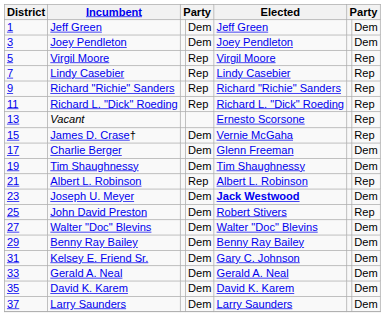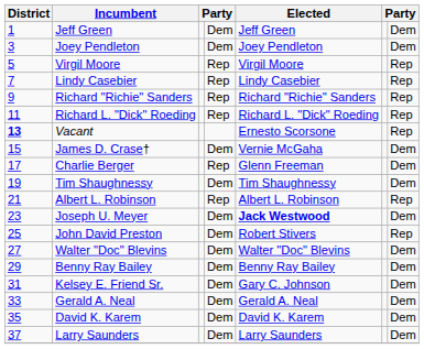 <table class="sortable wikitable" style="font-size:95%;line-height:14px;">
 <tr>
 <th class="unsortable">District</th>
 <th class="unsortable"><a href='#'>Incumbent</a></th>
 <th colspan="2">Party</th>
 <th class="unsortable">Elected</th>
 <th colspan="2">Party</th>
 </tr>
 <tr>
 <td><a href='#'>1</a></td>
 <td><a href='#'>Jeff Green</a></td>
 <td style="background:"></td>
 <td>Dem</td>
 <td><a href='#'>Jeff Green</a></td>
 <td style="background:"></td>
 <td>Dem</td>
 </tr>
 <tr>
 <td><a href='#'>3</a></td>
 <td><a href='#'>Joey Pendleton</a></td>
 <td style="background:"></td>
 <td>Dem</td>
 <td><a href='#'>Joey Pendleton</a></td>
 <td style="background:"></td>
 <td>Dem</td>
 </tr>
 <tr>
 <td><a href='#'>5</a></td>
 <td><a href='#'>Virgil Moore</a></td>
 <td style="background:"></td>
 <td>Rep</td>
 <td><a href='#'>Virgil Moore</a></td>
 <td style="background:"></td>
 <td>Rep</td>
 </tr>
 <tr>
 <td><a href='#'>7</a></td>
 <td><a href='#'>Lindy Casebier</a></td>
 <td style="background:"></td>
 <td>Rep</td>
 <td><a href='#'>Lindy Casebier</a></td>
 <td style="background:"></td>
 <td>Rep</td>
 </tr>
 <tr>
 <td><a href='#'>9</a></td>
 <td><a href='#'>Richard "Richie" Sanders</a></td>
 <td style="background:"></td>
 <td>Rep</td>
 <td><a href='#'>Richard "Richie" Sanders</a></td>
 <td style="background:"></td>
 <td>Rep</td>
 </tr>
 <tr>
 <td><a href='#'>11</a></td>
 <td><a href='#'>Richard L. "Dick" Roeding</a></td>
 <td style="background:"></td>
 <td>Rep</td>
 <td><a href='#'>Richard L. "Dick" Roeding</a></td>
 <td style="background:"></td>
 <td>Rep</td>
 </tr>
 <tr>
-<td><a href='#'>13</a></td>
+<td><strong><a href='#'>13</a></strong></td>
 <td><em>Vacant</em></td>
 <td></td>
 <td></td>
 <td><a href='#'>Ernesto Scorsone</a></td>
 <td style="background:"></td>
 <td>Rep</td>
 </tr>
 <tr>
 <td><a href='#'>15</a></td>
 <td><a href='#'>James D. Crase</a>†</td>
 <td style="background:"></td>
 <td>Dem</td>
 <td><a href='#'>Vernie McGaha</a></td>
 <td style="background:"></td>
-<td>Rep</td>
+<td>Dem</td>
 </tr>
 <tr>
 <td><a href='#'>17</a></td>
 <td><a href='#'>Charlie Berger</a></td>
 <td style="background:"></td>
-<td>Dem</td>
+<td>Rep</td>
 <td><a href='#'>Glenn Freeman</a></td>
 <td style="background:"></td>
 <td>Dem</td>
 </tr>
 <tr>
 <td><a href='#'>19</a></td>
 <td><a href='#'>Tim Shaughnessy</a></td>
 <td style="background:"></td>
 <td>Dem</td>
 <td><a href='#'>Tim Shaughnessy</a></td>
 <td style="background:"></td>
 <td>Dem</td>
 </tr>
 <tr>
 <td><a href='#'>21</a></td>
 <td><a href='#'>Albert L. Robinson</a></td>
 <td style="background:"></td>
 <td>Rep</td>
 <td><a href='#'>Albert L. Robinson</a></td>
 <td style="background:"></td>
 <td>Rep</td>
 </tr>
 <tr>
 <td><a href='#'>23</a></td>
 <td><a href='#'>Joseph U. Meyer</a></td>
 <td style="background:"></td>
 <td>Dem</td>
 <td><strong><a href='#'>Jack Westwood</a></strong></td>
 <td style="background:"></td>
 <td>Dem</td>
 </tr>
 <tr>
 <td><a href='#'>25</a></td>
 <td><a href='#'>John David Preston</a></td>
 <td style="background:"></td>
 <td>Dem</td>
 <td><a href='#'>Robert Stivers</a></td>
 <td style="background:"></td>
 <td>Rep</td>
 </tr>
 <tr>
 <td><a href='#'>27</a></td>
 <td><a href='#'>Walter "Doc" Blevins</a></td>
 <td style="background:"></td>
 <td>Dem</td>
 <td><a href='#'>Walter "Doc" Blevins</a></td>
 <td style="background:"></td>
 <td>Dem</td>
 </tr>
 <tr>
 <td><a href='#'>29</a></td>
 <td><a href='#'>Benny Ray Bailey</a></td>
 <td style="background:"></td>
 <td>Dem</td>
 <td><a href='#'>Benny Ray Bailey</a></td>
 <td style="background:"></td>
 <td>Dem</td>
 </tr>
 <tr>
 <td><a href='#'>31</a></td>
 <td><a href='#'>Kelsey E. Friend Sr.</a></td>
 <td style="background:"></td>
 <td>Dem</td>
 <td><a href='#'>Gary C. Johnson</a></td>
 <td style="background:"></td>
 <td>Dem</td>
 </tr>
 <tr>
 <td><a href='#'>33</a></td>
 <td><a href='#'>Gerald A. Neal</a></td>
 <td style="background:"></td>
 <td>Dem</td>
 <td><a href='#'>Gerald A. Neal</a></td>
 <td style="background:"></td>
 <td>Dem</td>
 </tr>
 <tr>
 <td><a href='#'>35</a></td>
 <td><a href='#'>David K. Karem</a></td>
 <td style="background:"></td>
 <td>Dem</td>
 <td><a href='#'>David K. Karem</a></td>
 <td style="background:"></td>
 <td>Dem</td>
 </tr>
 <tr>
 <td><a href='#'>37</a></td>
 <td><a href='#'>Larry Saunders</a></td>
 <td style="background:"></td>
 <td>Dem</td>
 <td><a href='#'>Larry Saunders</a></td>
 <td style="background:"></td>
 <td>Dem</td>
 </tr>
 <tr>
 </tr>
 </table>
